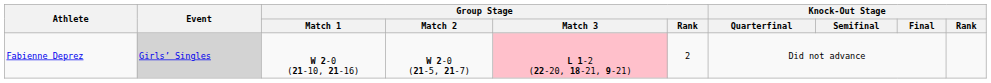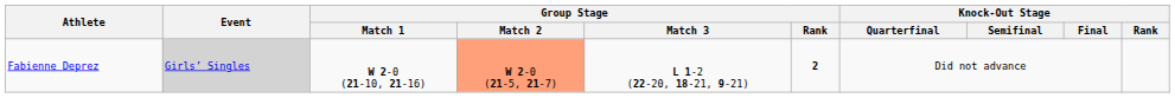 <table class="wikitable" width="85%" style="text-align:left; font-size:90%">
 <tr>
 <th rowspan=2>Athlete</th>
 <th rowspan=2>Event</th>
 <th colspan=4>Group Stage</th>
 <th colspan=4>Knock-Out Stage</th>
 </tr>
 <tr>
 <th>Match 1</th>
 <th>Match 2</th>
 <th>Match 3</th>
 <th>Rank</th>
 <th>Quarterfinal</th>
 <th>Semifinal</th>
 <th>Final</th>
 <th>Rank</th>
 </tr>
 <tr>
 <td><a href='#'>Fabienne Deprez</a></td>
 <td style="background: lightgrey;"><a href='#'>Girls’ Singles</a></td>
 <td align=center> <br><br><strong>W</strong> <strong>2</strong>-0 <br> (<strong>21</strong>-10, <strong>21</strong>-16)</td>
-<td align=center> <br><br><strong>W</strong> <strong>2</strong>-0 <br> (<strong>21</strong>-5, <strong>21</strong>-7)</td>
-<td align=center style="background: pink;"> <br><br><strong>L</strong> <strong>1</strong>-2 <br> (<strong>22</strong>-20, <strong>18</strong>-21, <strong>9</strong>-21)</td>
-<td align=center>2</td>
+<td align=center style="background: lightsalmon;"> <br><br><strong>W</strong> <strong>2</strong>-0 <br> (<strong>21</strong>-5, <strong>21</strong>-7)</td>
+<td align=center> <br><br><strong>L</strong> <strong>1</strong>-2 <br> (<strong>22</strong>-20, <strong>18</strong>-21, <strong>9</strong>-21)</td>
+<td align=center><strong>2</strong></td>
 <td colspan="3" align=center>Did not advance</td>
 <td align=center></td>
 </tr>
 </table>
